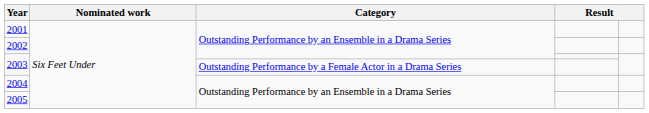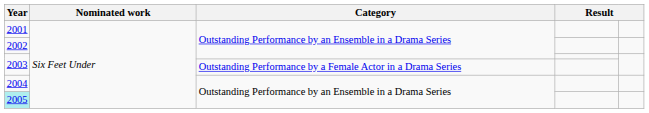 <table class=wikitable>
 <tr>
 <th width=4%>Year</th>
 <th width=26%>Nominated work</th>
 <th width=56%>Category</th>
 <th width=14% colspan=2>Result</th>
 </tr>
 <tr>
 <td><a href='#'>2001</a></td>
 <td rowspan=6><em>Six Feet Under</em></td>
 <td rowspan=3><a href='#'>Outstanding Performance by an Ensemble in a Drama Series</a></td>
 <td></td>
 <td width=4% align=center></td>
 </tr>
 <tr>
 <td><a href='#'>2002</a></td>
 <td></td>
 <td width=4% align=center></td>
 </tr>
 <tr>
 <td rowspan=2><a href='#'>2003</a></td>
 <td></td>
 <td rowspan=2 width=4% align=center></td>
 </tr>
 <tr>
 <td><a href='#'>Outstanding Performance by a Female Actor in a Drama Series</a></td>
 <td></td>
 </tr>
 <tr>
 <td><a href='#'>2004</a></td>
 <td rowspan=2>Outstanding Performance by an Ensemble in a Drama Series</td>
 <td></td>
 <td width=4% align=center></td>
 </tr>
 <tr>
-<td><a href='#'>2005</a></td>
+<td style="background: paleturquoise;"><a href='#'>2005</a></td>
 <td></td>
 <td width=4% align=center></td>
 </tr>
 </table>
